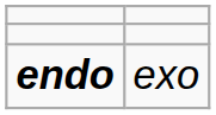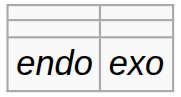 <table class="wikitable" style="margin:1em auto; text-align:center;">
 <tr>
 <td></td>
 <td></td>
 </tr>
 <tr>
 <td></td>
 <td></td>
 </tr>
 <tr>
-<td><strong><em>endo</em></strong></td>
+<td><em>endo</em></td>
 <td><em>exo</em></td>
 </tr>
 </table>
